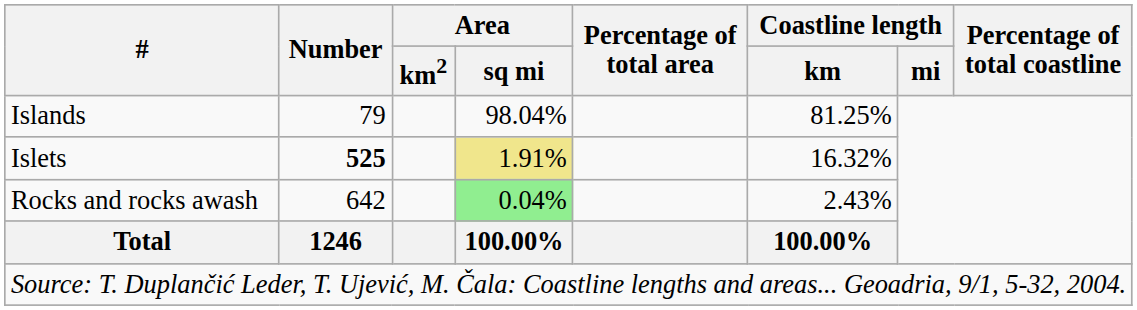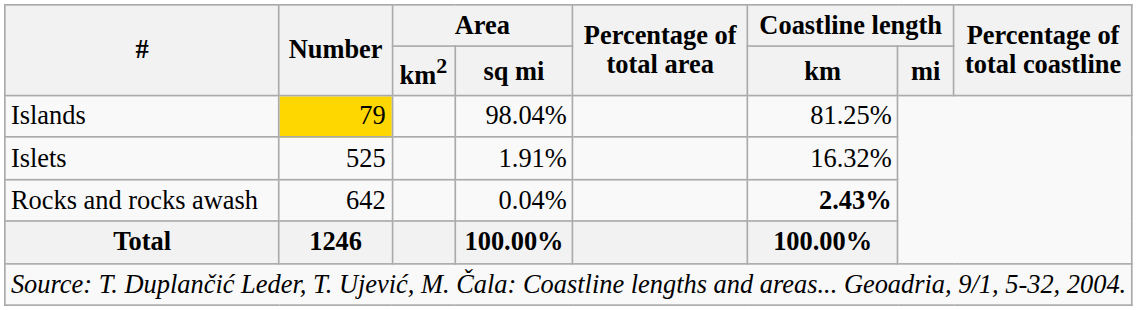 <table class="wikitable sortable" style="text-align: center;">
 <tr>
 <th rowspan=2>#</th>
 <th rowspan=2>Number</th>
 <th colspan=2>Area</th>
 <th rowspan=2>Percentage of <br>total area</th>
 <th colspan=2>Coastline length</th>
 <th rowspan=2>Percentage of <br>total coastline</th>
 </tr>
 <tr>
 <th>km<sup>2</sup></th>
 <th>sq mi</th>
 <th>km</th>
 <th>mi</th>
 </tr>
 <tr>
 <td align="left">Islands</td>
-<td align="right">79</td>
+<td align="right" style="background: gold;">79</td>
 <td></td>
 <td align="right">98.04%</td>
 <td></td>
 <td align="right">81.25%</td>
 </tr>
 <tr>
 <td align="left">Islets</td>
-<td align="right"><strong>525</strong></td>
+<td align="right">525</td>
 <td></td>
-<td align="right" style="background: khaki;">1.91%</td>
+<td align="right">1.91%</td>
 <td></td>
 <td align="right">16.32%</td>
 </tr>
 <tr>
 <td align="left">Rocks and rocks awash</td>
 <td align="right">642</td>
 <td></td>
-<td align="right" style="background: lightgreen;">0.04%</td>
+<td align="right">0.04%</td>
 <td></td>
-<td align="right">2.43%</td>
+<td align="right"><strong>2.43%</strong></td>
 </tr>
 <tr>
 <th align="left"><strong>Total</strong></th>
 <th align="right"><strong>1246</strong></th>
 <th></th>
 <th align="right">100.00%</th>
 <th></th>
 <th align="right">100.00%</th>
 </tr>
 <tr>
 <td colspan="8"><em>Source: T. Duplančić Leder, T. Ujević, M. Čala: Coastline lengths and areas... Geoadria, 9/1, 5-32, 2004.</em></td>
 </tr>
 </table>
